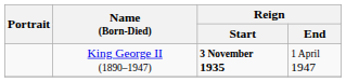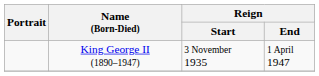 <table class="wikitable">
 <tr>
 <th rowspan="2">Portrait</th>
 <th rowspan="2" width=180>Name<br><small>(Born-Died)</small></th>
 <th colspan=2 width=180>Reign</th>
 </tr>
 <tr>
 <th>Start</th>
 <th>End</th>
 </tr>
 <tr>
 <td></td>
 <td align="center"><a href='#'>King George II</a><br><small>(1890–1947)</small></td>
-<td><strong><small>3 November</small><br>1935</strong></td>
+<td><small>3 November</small><br>1935</td>
 <td><small>1 April</small><br>1947</td>
 </tr>
 <tr>
 </tr>
 </table>
